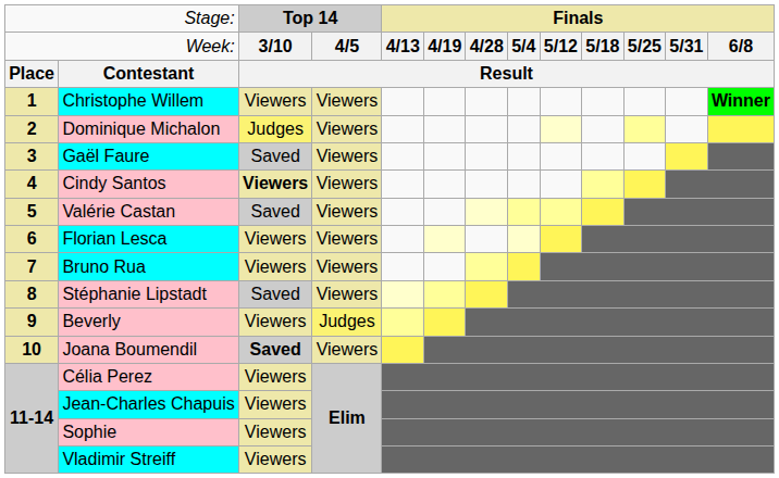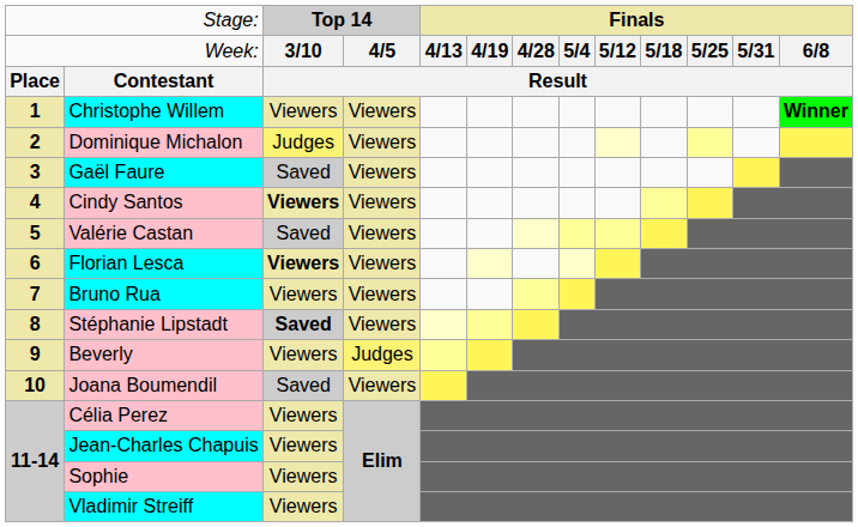 <table class="wikitable" align="left"|>
 <tr>
 <td colspan="2" align="right"><em>Stage:</em></td>
 <td colspan="2" bgcolor="#CCCCCC" align="center"><strong>Top 14</strong></td>
 <td colspan="9" bgcolor="palegoldenrod" align="Center"><strong>Finals</strong></td>
 </tr>
 <tr>
 <td colspan="2" align="right"><em>Week:</em></td>
 <th>3/10</th>
 <th>4/5</th>
 <th>4/13</th>
 <th>4/19</th>
 <th>4/28</th>
 <th>5/4</th>
 <th>5/12</th>
 <th>5/18</th>
 <th>5/25</th>
 <th>5/31</th>
 <th>6/8</th>
 </tr>
 <tr>
 <th>Place</th>
 <th>Contestant</th>
 <th colspan="11" align="center">Result</th>
 </tr>
 <tr>
 <td align="center"  bgcolor="palegoldenrod"><strong>1</strong></td>
 <td bgcolor="cyan">Christophe Willem</td>
 <td bgcolor="palegoldenrod" align="center">Viewers</td>
 <td bgcolor="palegoldenrod" align="center">Viewers</td>
 <td></td>
 <td></td>
 <td></td>
 <td></td>
 <td></td>
 <td></td>
 <td></td>
 <td></td>
 <td bgcolor="lime" align="center"><strong>Winner</strong></td>
 </tr>
 <tr>
 <td align="center"  bgcolor="palegoldenrod"><strong>2</strong></td>
 <td bgcolor="pink">Dominique Michalon</td>
 <td bgcolor="#FBF373" align="center">Judges</td>
 <td bgcolor="palegoldenrod" align="center">Viewers</td>
 <td></td>
 <td></td>
 <td></td>
 <td></td>
 <td bgcolor="#FFFFCC" align="center"></td>
 <td></td>
 <td bgcolor="#FFFF99" align="center"></td>
 <td></td>
 <td bgcolor="#FFF558" align="center"></td>
 </tr>
 <tr>
 <td align="center"  bgcolor="palegoldenrod"><strong>3</strong></td>
 <td bgcolor="cyan">Gaël Faure</td>
 <td bgcolor="CCCCCC" align="center">Saved</td>
 <td bgcolor="palegoldenrod" align="center">Viewers</td>
 <td></td>
 <td></td>
 <td></td>
 <td></td>
 <td></td>
 <td></td>
 <td></td>
 <td bgcolor="#FFF558" align="center"></td>
 <td bgcolor="666666"></td>
 </tr>
 <tr>
 <td align="center"  bgcolor="palegoldenrod"><strong>4</strong></td>
 <td bgcolor="pink">Cindy Santos</td>
 <td bgcolor="palegoldenrod" align="center"><strong>Viewers</strong></td>
 <td bgcolor="palegoldenrod" align="center">Viewers</td>
 <td></td>
 <td></td>
 <td></td>
 <td></td>
 <td></td>
 <td bgcolor="#FFFF99" align="center"></td>
 <td bgcolor="#FFF558" align="center"></td>
 <td colspan="2" bgcolor="666666"></td>
 </tr>
 <tr>
 <td align="center"  bgcolor="palegoldenrod"><strong>5</strong></td>
 <td bgcolor="pink">Valérie Castan</td>
 <td bgcolor="CCCCCC" align="center">Saved</td>
 <td bgcolor="palegoldenrod" align="center">Viewers</td>
 <td></td>
 <td></td>
 <td bgcolor="#FFFFCC" align="center"></td>
 <td bgcolor="#FFFF99" align="center"></td>
 <td bgcolor="#FFFF99" align="center"></td>
 <td bgcolor="#FFF558" align="center"></td>
 <td colspan="3" bgcolor="666666"></td>
 </tr>
 <tr>
 <td align="center"  bgcolor="palegoldenrod"><strong>6</strong></td>
 <td bgcolor="cyan">Florian Lesca</td>
-<td bgcolor="palegoldenrod" align="center">Viewers</td>
+<td bgcolor="palegoldenrod" align="center"><strong>Viewers</strong></td>
 <td bgcolor="palegoldenrod" align="center">Viewers</td>
 <td></td>
 <td bgcolor="#FFFFCC" align="center"></td>
 <td></td>
 <td bgcolor="#FFFFCC" align="center"></td>
 <td bgcolor="#FFF558" align="center"></td>
 <td colspan="4" bgcolor="666666"></td>
 </tr>
 <tr>
 <td align="center"  bgcolor="palegoldenrod"><strong>7</strong></td>
 <td bgcolor="cyan">Bruno Rua</td>
 <td bgcolor="palegoldenrod" align="center">Viewers</td>
 <td bgcolor="palegoldenrod" align="center">Viewers</td>
 <td></td>
 <td></td>
 <td bgcolor="#FFFF99" align="center"></td>
 <td bgcolor="#FFF558" align="center"></td>
 <td colspan="5" bgcolor="666666"></td>
 </tr>
 <tr>
 <td align="center"  bgcolor="palegoldenrod"><strong>8</strong></td>
 <td bgcolor="pink">Stéphanie Lipstadt</td>
-<td bgcolor="CCCCCC" align="center">Saved</td>
+<td bgcolor="CCCCCC" align="center"><strong>Saved</strong></td>
 <td bgcolor="palegoldenrod" align="center">Viewers</td>
 <td bgcolor="#FFFFCC" align="center"></td>
 <td bgcolor="#FFFF99" align="center"></td>
 <td bgcolor="#FFF558" align="center"></td>
 <td colspan="6" bgcolor="666666"></td>
 </tr>
 <tr>
 <td align="center"  bgcolor="palegoldenrod"><strong>9</strong></td>
 <td bgcolor="pink">Beverly</td>
 <td bgcolor="palegoldenrod" align="center">Viewers</td>
 <td bgcolor="#FBF373" align="center">Judges</td>
 <td bgcolor="#FFFF99" align="center"></td>
 <td bgcolor="#FFF558" align="center"></td>
 <td colspan="7" bgcolor="666666"></td>
 </tr>
 <tr>
 <td align="center" bgcolor="palegoldenrod"><strong>10</strong></td>
 <td bgcolor="pink">Joana Boumendil</td>
-<td bgcolor="CCCCCC" align="center"><strong>Saved</strong></td>
+<td bgcolor="CCCCCC" align="center">Saved</td>
 <td bgcolor="palegoldenrod" align="center">Viewers</td>
 <td bgcolor="#FFF558" align="center"></td>
 <td colspan="8" bgcolor="666666"></td>
 </tr>
 <tr>
 <td align="center" bgcolor="CCCCCC" rowspan="4"><strong>11-14</strong></td>
 <td bgcolor="pink">Célia Perez</td>
 <td bgcolor="palegoldenrod" align="center">Viewers</td>
 <td bgcolor="#CCCCCC" align="center" rowspan="5"><strong>Elim</strong></td>
 <td colspan="9" bgcolor="666666"></td>
 </tr>
 <tr>
 <td bgcolor="cyan">Jean-Charles Chapuis</td>
 <td bgcolor="palegoldenrod" align="center">Viewers</td>
 <td colspan="9" bgcolor="666666"></td>
 </tr>
 <tr>
 <td bgcolor="pink">Sophie</td>
 <td bgcolor="palegoldenrod" align="center">Viewers</td>
 <td colspan="9" bgcolor="666666"></td>
 </tr>
 <tr>
 <td bgcolor="cyan">Vladimir Streiff</td>
 <td bgcolor="palegoldenrod" align="center">Viewers</td>
 <td colspan="9" bgcolor="666666"></td>
 </tr>
 <tr>
 </tr>
 </table>
